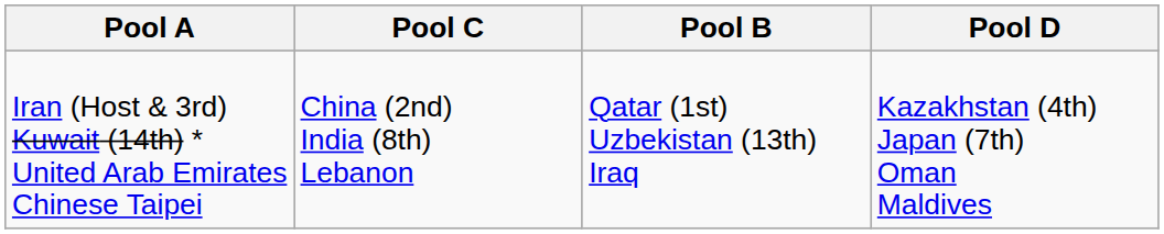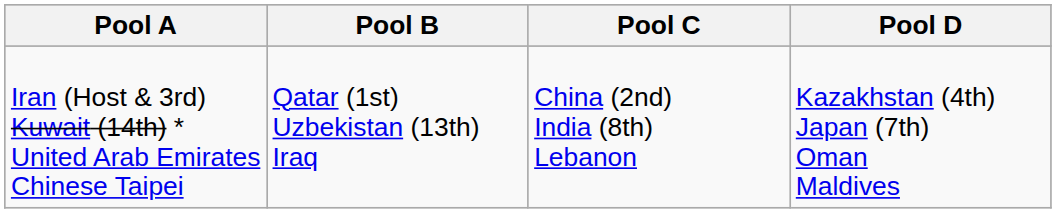 <table class="wikitable">
 <tr>
 <th width=25%>Pool A</th>
+<th width=25%>Pool B</th>
 <th width=25%>Pool C</th>
-<th width=25%>Pool B</th>
 <th width=25%>Pool D</th>
 </tr>
 <tr>
 <td valign=top><br> <a href='#'>Iran</a> (Host & 3rd)<br> <s> <a href='#'>Kuwait</a> (14th)</s> *<br>  <a href='#'>United Arab Emirates</a><br>  <a href='#'>Chinese Taipei</a></td>
+<td valign=top><br> <a href='#'>Qatar</a> (1st)<br>  <a href='#'>Uzbekistan</a> (13th)<br>  <a href='#'>Iraq</a></td>
 <td valign=top><br> <a href='#'>China</a> (2nd)<br>  <a href='#'>India</a> (8th)<br>  <a href='#'>Lebanon</a></td>
-<td valign=top><br> <a href='#'>Qatar</a> (1st)<br>  <a href='#'>Uzbekistan</a> (13th)<br>  <a href='#'>Iraq</a></td>
 <td valign=top><br> <a href='#'>Kazakhstan</a> (4th)<br>  <a href='#'>Japan</a> (7th)<br>  <a href='#'>Oman</a><br>  <a href='#'>Maldives</a></td>
 </tr>
 </table>
